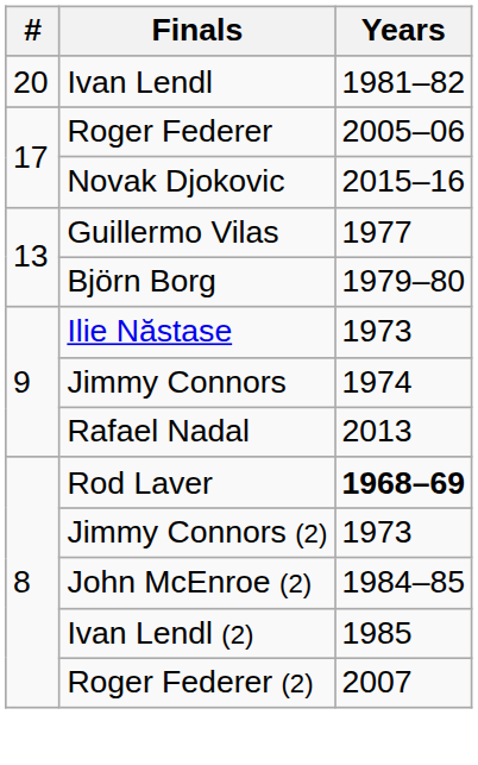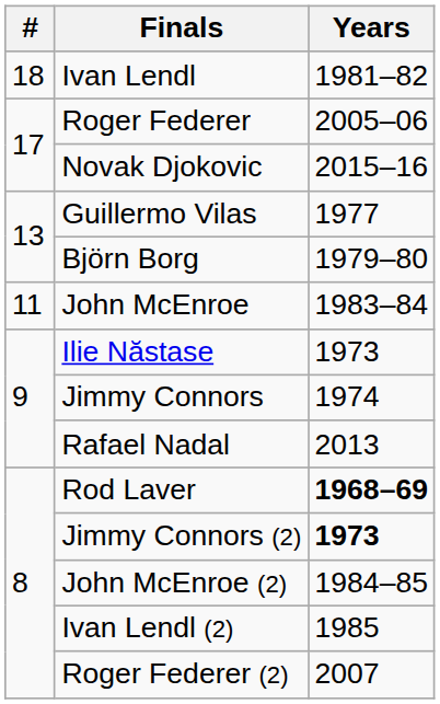 <table class="wikitable" style="display:inline-table;">
 <tr>
 <th width=20>#</th>
 <th>Finals</th>
 <th>Years</th>
 </tr>
 <tr>
-<td>20</td>
+<td>18</td>
 <td> Ivan Lendl</td>
 <td>1981–82</td>
 </tr>
 <tr>
 <td rowspan=2>17</td>
 <td> Roger Federer</td>
 <td>2005–06</td>
 </tr>
 <tr>
 <td> Novak Djokovic</td>
 <td>2015–16</td>
 </tr>
 <tr>
 <td rowspan=2>13</td>
 <td> Guillermo Vilas</td>
 <td>1977</td>
 </tr>
 <tr>
 <td> Björn Borg</td>
 <td>1979–80  </td>
 </tr>
 <tr>
+<td>11</td>
+<td> John McEnroe</td>
+<td>1983–84  </td>
+</tr>
+<tr>
 <td rowspan=3>9</td>
 <td> <a href='#'>Ilie Năstase</a></td>
 <td>1973</td>
 </tr>
 <tr>
 <td> Jimmy Connors</td>
 <td>1974</td>
 </tr>
 <tr>
 <td> Rafael Nadal</td>
 <td>2013</td>
 </tr>
 <tr>
 <td rowspan=5>8</td>
 <td> Rod Laver</td>
 <td><strong>1968–69</strong></td>
 </tr>
 <tr>
 <td> Jimmy Connors <small>(2)</small></td>
-<td>1973</td>
+<td><strong>1973</strong></td>
 </tr>
 <tr>
 <td> John McEnroe <small>(2)</small></td>
 <td>1984–85</td>
 </tr>
 <tr>
 <td> Ivan Lendl <small>(2)</small></td>
 <td>1985</td>
 </tr>
 <tr>
 <td> Roger Federer <small>(2)</small></td>
 <td>2007</td>
 </tr>
 </table>
